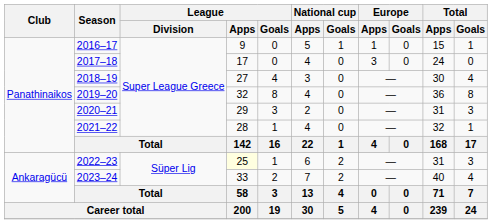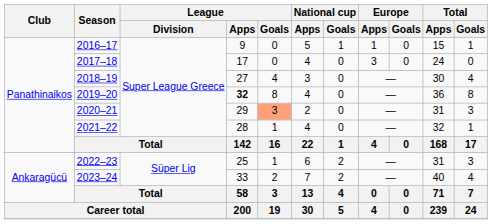 <table class="wikitable" style="text-align: center;">
 <tr>
 <th rowspan="2">Club</th>
 <th rowspan="2">Season</th>
 <th colspan="3">League</th>
 <th colspan="2">National cup</th>
 <th colspan="2">Europe</th>
 <th colspan="2">Total</th>
 </tr>
 <tr>
 <th>Division</th>
 <th>Apps</th>
 <th>Goals</th>
 <th>Apps</th>
 <th>Goals</th>
 <th>Apps</th>
 <th>Goals</th>
 <th>Apps</th>
 <th>Goals</th>
 </tr>
 <tr>
 <td rowspan="7" valign="center"><a href='#'>Panathinaikos</a></td>
 <td><a href='#'>2016–17</a></td>
 <td rowspan="6"><a href='#'>Super League Greece</a></td>
 <td>9</td>
 <td>0</td>
 <td>5</td>
 <td>1</td>
 <td>1</td>
 <td>0</td>
 <td>15</td>
 <td>1</td>
 </tr>
 <tr>
 <td><a href='#'>2017–18</a></td>
 <td>17</td>
 <td>0</td>
 <td>4</td>
 <td>0</td>
 <td>3</td>
 <td>0</td>
 <td>24</td>
 <td>0</td>
 </tr>
 <tr>
 <td><a href='#'>2018–19</a></td>
 <td>27</td>
 <td>4</td>
 <td>3</td>
 <td>0</td>
 <td colspan="2">—</td>
 <td>30</td>
 <td>4</td>
 </tr>
 <tr>
 <td><a href='#'>2019–20</a></td>
-<td>32</td>
+<td><strong>32</strong></td>
 <td>8</td>
 <td>4</td>
 <td>0</td>
 <td colspan="2">—</td>
 <td>36</td>
 <td>8</td>
 </tr>
 <tr>
 <td><a href='#'>2020–21</a></td>
 <td>29</td>
-<td>3</td>
+<td style="background: lightsalmon;">3</td>
 <td>2</td>
 <td>0</td>
 <td colspan="2">—</td>
 <td>31</td>
 <td>3</td>
 </tr>
 <tr>
 <td><a href='#'>2021–22</a></td>
 <td>28</td>
 <td>1</td>
 <td>4</td>
 <td>0</td>
 <td colspan="2">—</td>
 <td>32</td>
 <td>1</td>
 </tr>
 <tr>
 <th colspan="2">Total</th>
 <th>142</th>
 <th>16</th>
 <th>22</th>
 <th>1</th>
 <th>4</th>
 <th>0</th>
 <th>168</th>
 <th>17</th>
 </tr>
 <tr>
 <td rowspan="3" valign="center"><a href='#'>Ankaragücü</a></td>
 <td><a href='#'>2022–23</a></td>
 <td rowspan="2" valign="center"><a href='#'>Süper Lig</a></td>
-<td style="background: lightyellow;">25</td>
+<td>25</td>
 <td>1</td>
 <td>6</td>
 <td>2</td>
 <td colspan="2">—</td>
 <td>31</td>
 <td>3</td>
 </tr>
 <tr>
 <td><a href='#'>2023–24</a></td>
 <td>33</td>
 <td>2</td>
 <td>7</td>
 <td>2</td>
 <td colspan="2">—</td>
 <td>40</td>
 <td>4</td>
 </tr>
 <tr>
 <th colspan="2">Total</th>
 <th>58</th>
 <th>3</th>
 <th>13</th>
 <th>4</th>
 <th>0</th>
 <th>0</th>
 <th>71</th>
 <th>7</th>
 </tr>
 <tr>
 <th colspan="3">Career total</th>
 <th>200</th>
 <th>19</th>
 <th>30</th>
 <th>5</th>
 <th>4</th>
 <th>0</th>
 <th>239</th>
 <th>24</th>
 </tr>
 <tr>
 </tr>
 </table>
